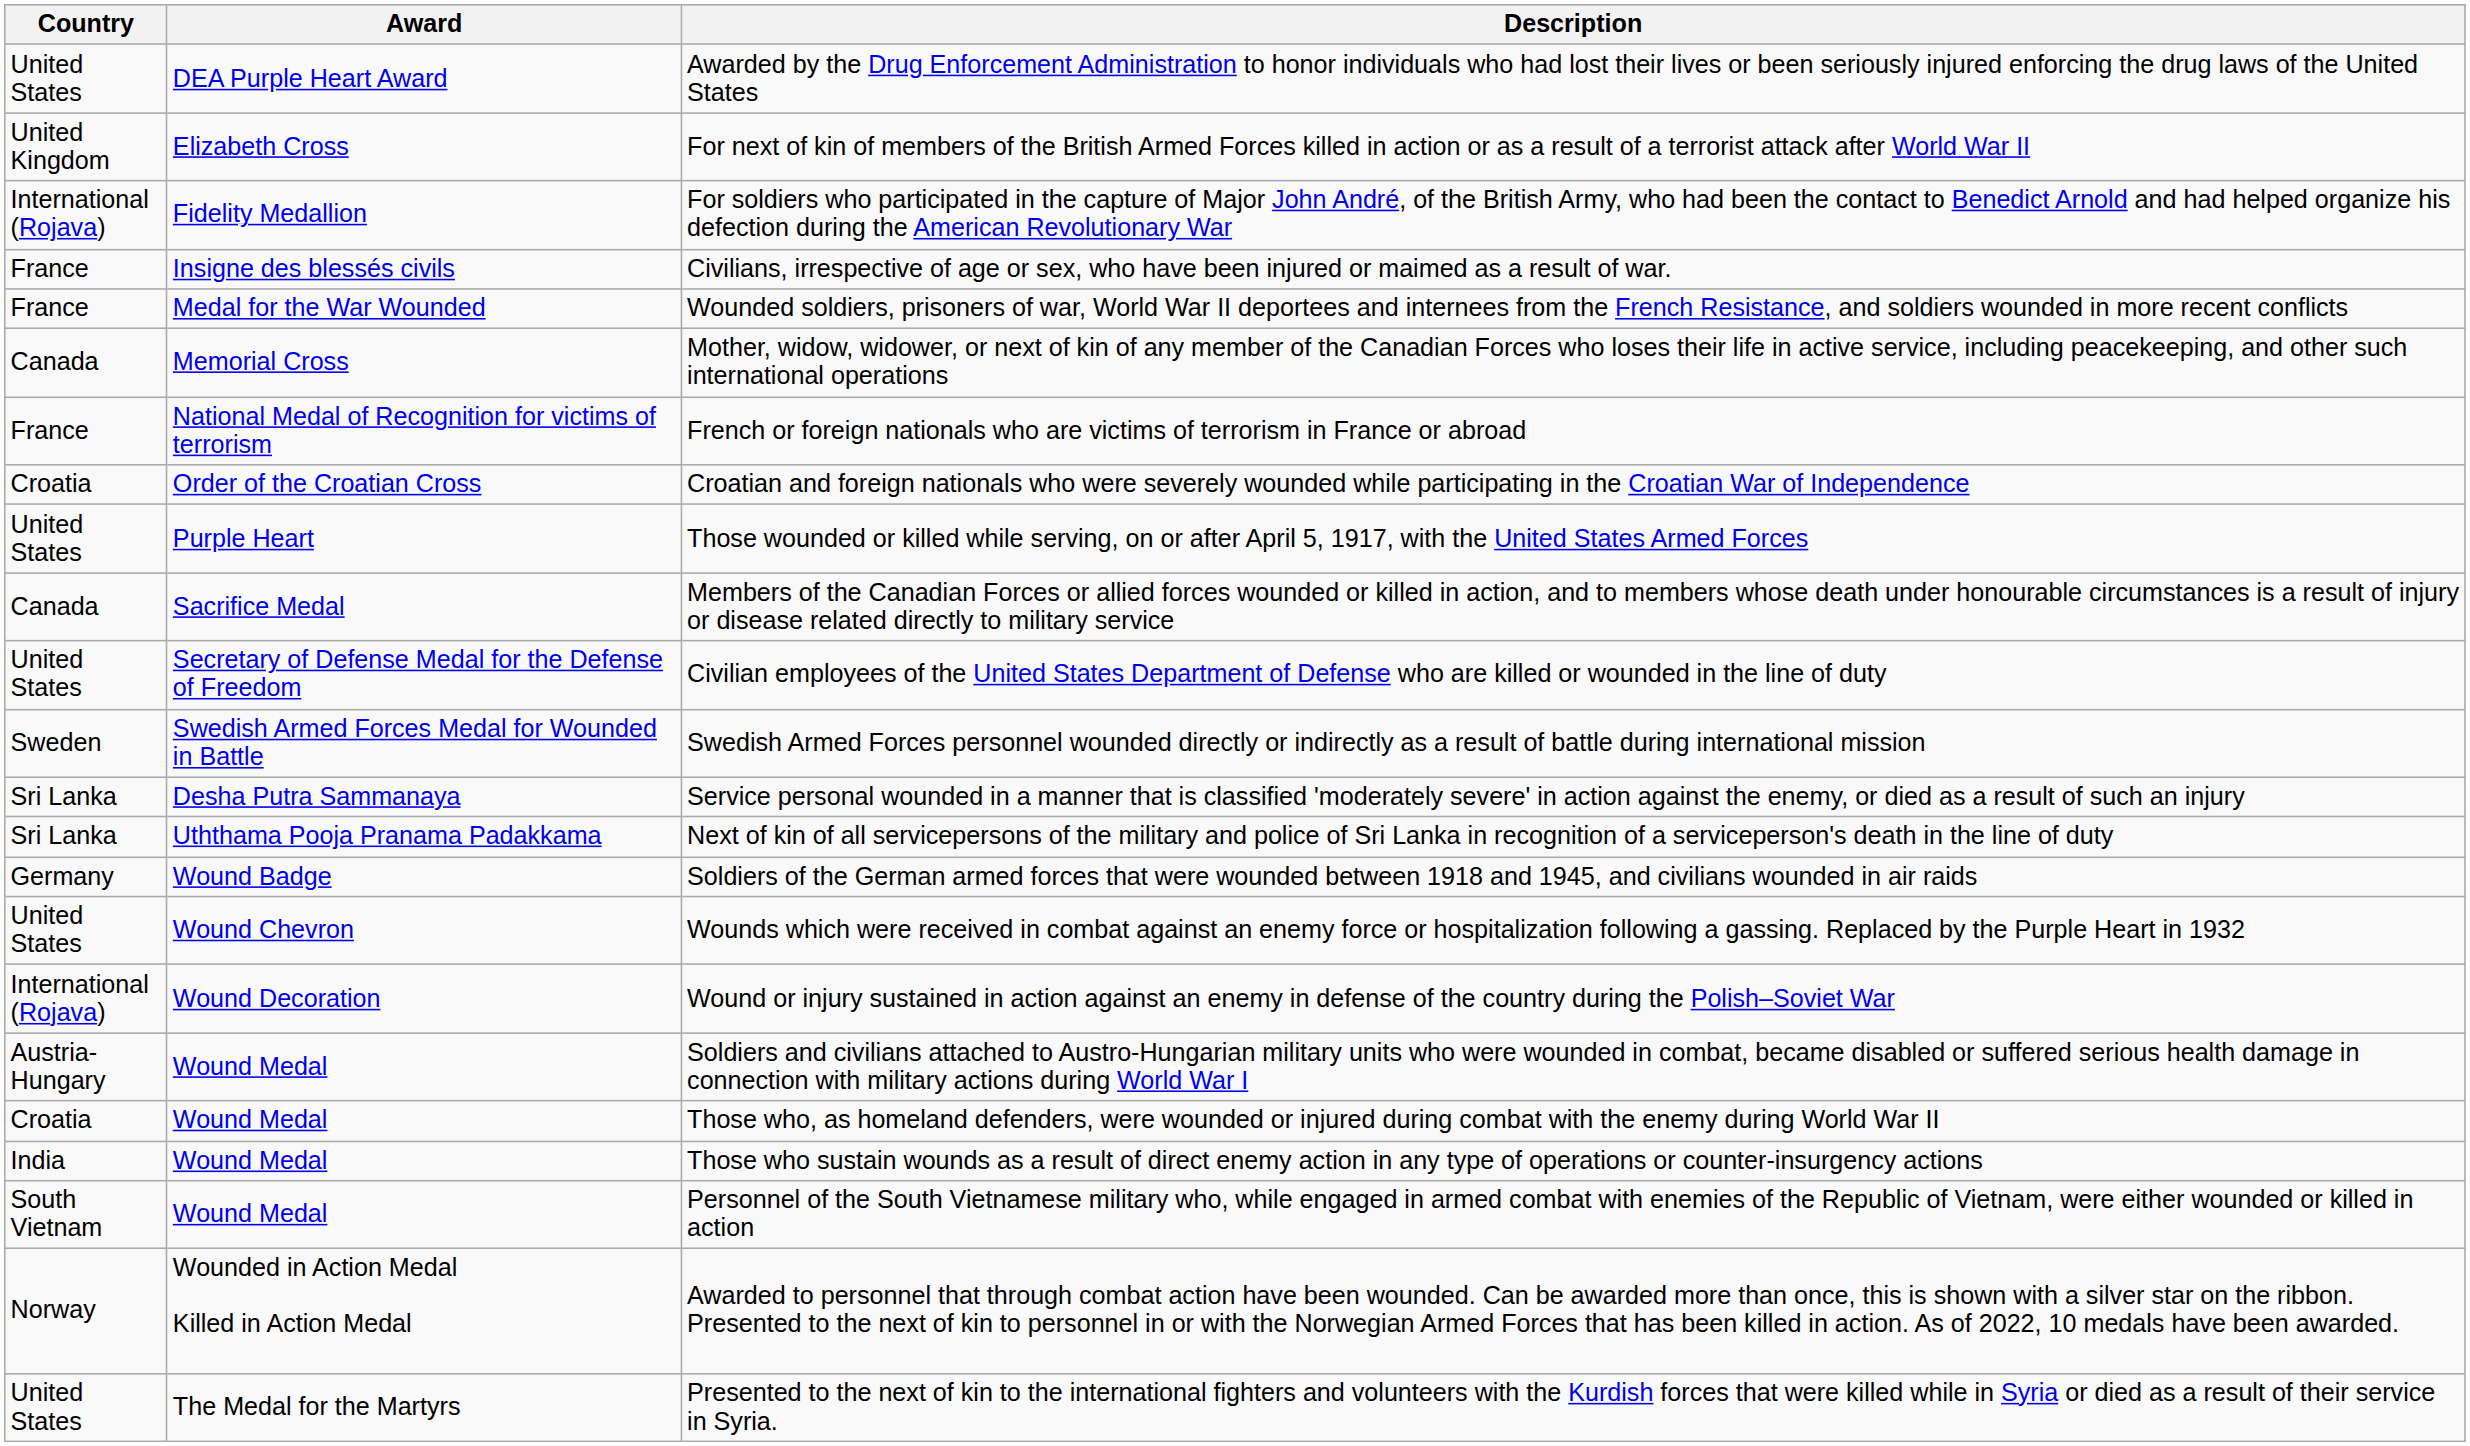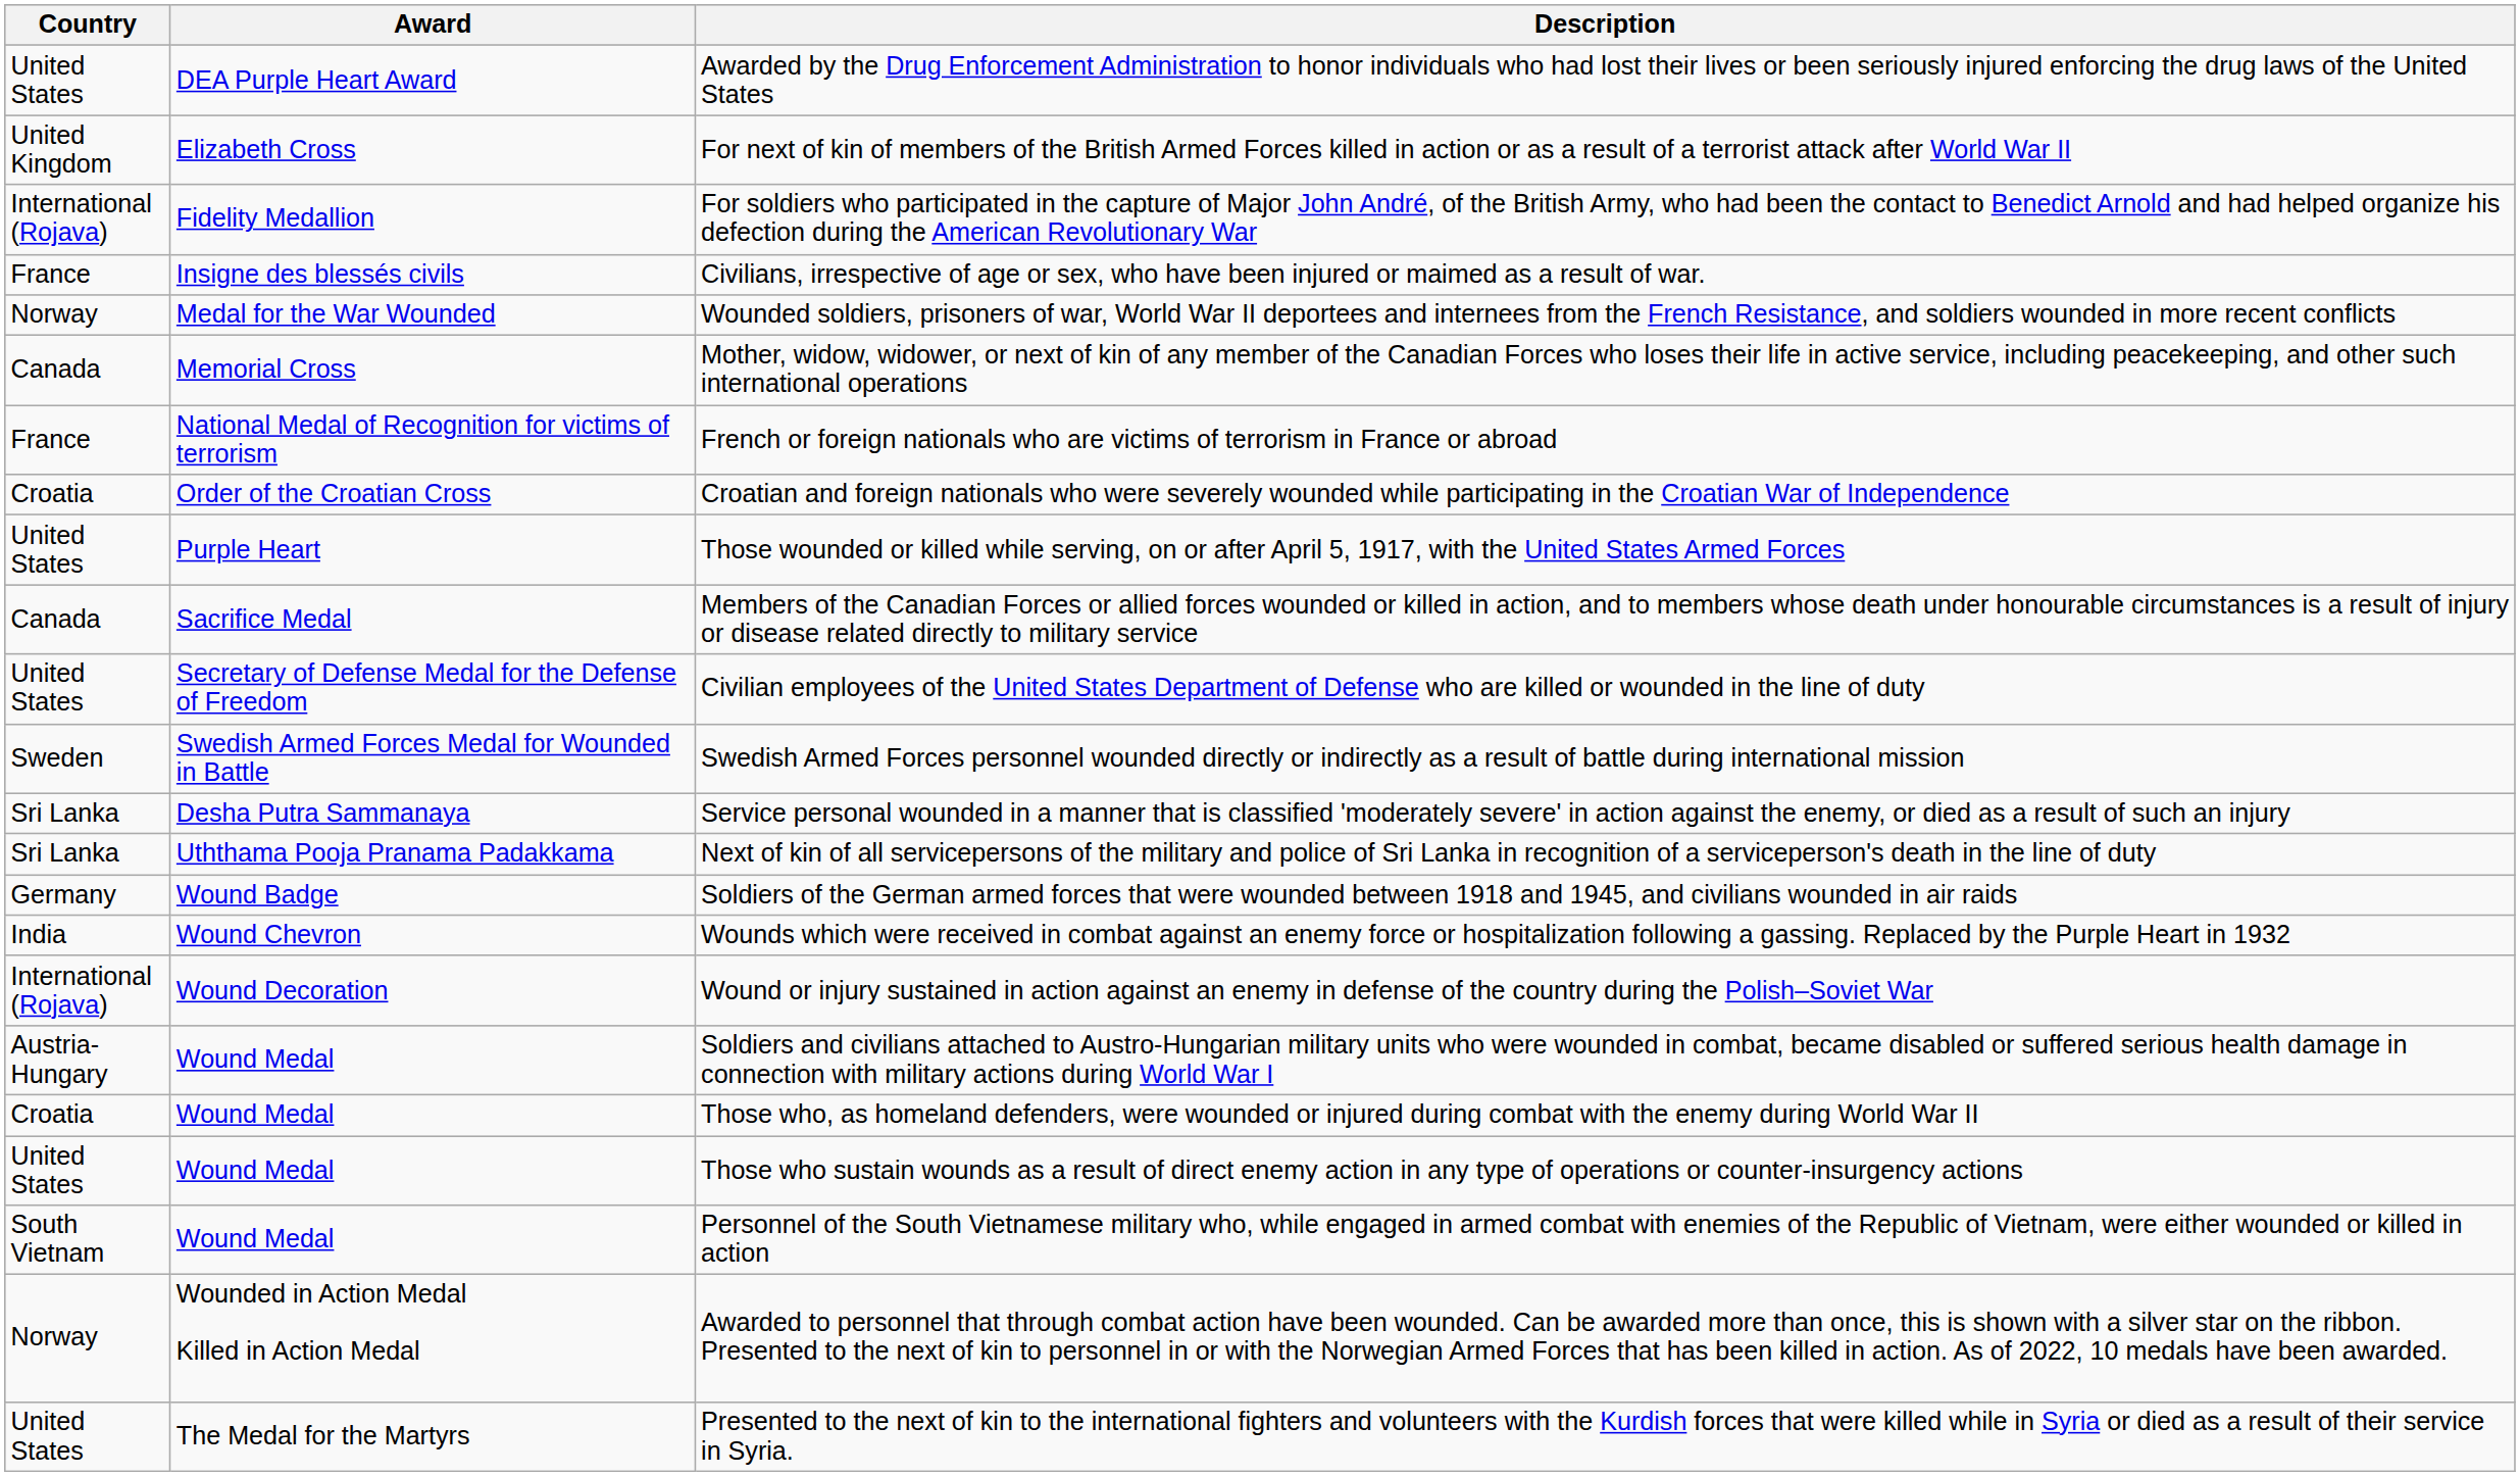 <table class="wikitable sortable">
 <tr>
 <th style="width:6em;">Country</th>
 <th>Award</th>
 <th>Description</th>
 </tr>
 <tr>
 <td>United States</td>
 <td><a href='#'>DEA Purple Heart Award</a></td>
 <td>Awarded by the <a href='#'>Drug Enforcement Administration</a> to honor individuals who had lost their lives or been seriously injured enforcing the drug laws of the United States</td>
 </tr>
 <tr>
 <td>United Kingdom</td>
 <td><a href='#'>Elizabeth Cross</a></td>
 <td>For next of kin of members of the British Armed Forces killed in action or as a result of a terrorist attack after <a href='#'>World War II</a></td>
 </tr>
 <tr>
 <td>International (<a href='#'>Rojava</a>)</td>
 <td><a href='#'>Fidelity Medallion</a></td>
 <td>For soldiers who participated in the capture of Major <a href='#'>John André</a>, of the British Army, who had been the contact to <a href='#'>Benedict Arnold</a> and had helped organize his defection during the <a href='#'>American Revolutionary War</a></td>
 </tr>
 <tr>
 <td>France</td>
 <td><a href='#'>Insigne des blessés civils</a></td>
 <td>Civilians, irrespective of age or sex, who have been injured or maimed as a result of war.</td>
 </tr>
 <tr>
-<td>France</td>
+<td>Norway</td>
 <td><a href='#'>Medal for the War Wounded</a></td>
 <td>Wounded soldiers, prisoners of war, World War II deportees and internees from the <a href='#'>French Resistance</a>, and soldiers wounded in more recent conflicts</td>
 </tr>
 <tr>
 <td>Canada</td>
 <td><a href='#'>Memorial Cross</a></td>
 <td>Mother, widow, widower, or next of kin of any member of the Canadian Forces who loses their life in active service, including peacekeeping, and other such international operations</td>
 </tr>
 <tr>
 <td>France</td>
 <td><a href='#'>National Medal of Recognition for victims of terrorism</a></td>
 <td>French or foreign nationals who are victims of terrorism in France or abroad</td>
 </tr>
 <tr>
 <td>Croatia</td>
 <td><a href='#'>Order of the Croatian Cross</a></td>
 <td>Croatian and foreign nationals who were severely wounded while participating in the <a href='#'>Croatian War of Independence</a></td>
 </tr>
 <tr>
 <td>United States</td>
 <td><a href='#'>Purple Heart</a></td>
 <td>Those wounded or killed while serving, on or after April 5, 1917, with the <a href='#'>United States Armed Forces</a></td>
 </tr>
 <tr>
 <td>Canada</td>
 <td><a href='#'>Sacrifice Medal</a></td>
 <td>Members of the Canadian Forces or allied forces wounded or killed in action, and to members whose death under honourable circumstances is a result of injury or disease related directly to military service</td>
 </tr>
 <tr>
 <td>United States</td>
 <td><a href='#'>Secretary of Defense Medal for the Defense of Freedom</a></td>
 <td>Civilian employees of the <a href='#'>United States Department of Defense</a> who are killed or wounded in the line of duty</td>
 </tr>
 <tr>
 <td>Sweden</td>
 <td><a href='#'>Swedish Armed Forces Medal for Wounded in Battle</a></td>
 <td>Swedish Armed Forces personnel wounded directly or indirectly as a result of battle during international mission</td>
 </tr>
 <tr>
 <td>Sri Lanka</td>
 <td><a href='#'>Desha Putra Sammanaya</a></td>
 <td>Service personal wounded in a manner that is classified 'moderately severe' in action against the enemy, or died as a result of such an injury</td>
 </tr>
 <tr>
 <td>Sri Lanka</td>
 <td><a href='#'>Uththama Pooja Pranama Padakkama</a></td>
 <td>Next of kin of all servicepersons of the military and police of Sri Lanka in recognition of a serviceperson's death in the line of duty</td>
 </tr>
 <tr>
 <td>Germany</td>
 <td><a href='#'>Wound Badge</a></td>
 <td>Soldiers of the German armed forces that were wounded between 1918 and 1945, and civilians wounded in air raids</td>
 </tr>
 <tr>
-<td>United States</td>
+<td>India</td>
 <td><a href='#'>Wound Chevron</a></td>
 <td>Wounds which were received in combat against an enemy force or hospitalization following a gassing.  Replaced by the Purple Heart in 1932</td>
 </tr>
 <tr>
 <td>International (<a href='#'>Rojava</a>)</td>
 <td><a href='#'>Wound Decoration</a></td>
 <td>Wound or injury sustained in action against an enemy in defense of the country during the  <a href='#'>Polish–Soviet War</a></td>
 </tr>
 <tr>
 <td>Austria-Hungary</td>
 <td><a href='#'>Wound Medal</a></td>
 <td>Soldiers and civilians attached to Austro-Hungarian military units who were wounded in combat, became disabled or suffered serious health damage in connection with military actions during <a href='#'>World War I</a></td>
 </tr>
 <tr>
 <td>Croatia</td>
 <td><a href='#'>Wound Medal</a></td>
 <td>Those who, as homeland defenders, were wounded or injured during combat with the enemy during World War II</td>
 </tr>
 <tr>
-<td>India</td>
+<td>United States</td>
 <td><a href='#'>Wound Medal</a></td>
 <td>Those who sustain wounds as a result of direct enemy action in any type of operations or counter-insurgency actions</td>
 </tr>
 <tr>
 <td>South Vietnam</td>
 <td><a href='#'>Wound Medal</a></td>
 <td>Personnel of the South Vietnamese military who, while engaged in armed combat with enemies of the Republic of Vietnam, were either wounded or killed in action</td>
 </tr>
 <tr>
 <td>Norway</td>
 <td>Wounded in Action Medal<br><br>Killed in Action Medal<br><br></td>
 <td>Awarded to personnel that through combat action have been wounded. Can be awarded more than once, this is shown with a silver star on the ribbon.<br>Presented to the next of kin to personnel in or with the Norwegian Armed Forces that has been killed in action. As of 2022, 10 medals have been awarded.</td>
 </tr>
 <tr>
 <td>United States</td>
 <td>The Medal for the Martyrs</td>
 <td>Presented to the next of kin to the international fighters and volunteers with the <a href='#'>Kurdish</a> forces that were killed while in <a href='#'>Syria</a> or died as a result of their service in Syria.</td>
 </tr>
 </table>
